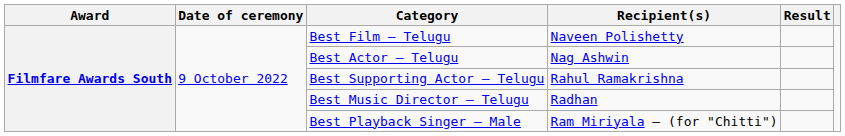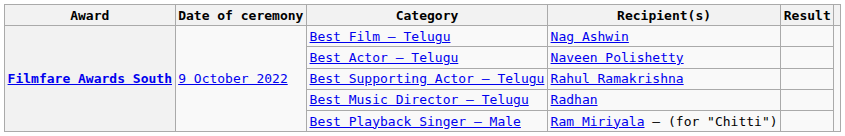 <table class="wikitable sortable plainrowheaders">
 <tr>
 <th scope="col">Award</th>
 <th scope="col">Date of ceremony</th>
 <th scope="col">Category</th>
 <th scope="col">Recipient(s)</th>
 <th scope="col">Result</th>
 <th scope="col" class="unsortable"></th>
 </tr>
 <tr>
 <th rowspan="5" scope="row"><a href='#'>Filmfare Awards South</a></th>
 <td rowspan="5"><a href='#'>9 October 2022</a></td>
 <td><a href='#'>Best Film – Telugu</a></td>
-<td><a href='#'>Naveen Polishetty</a></td>
+<td><a href='#'>Nag Ashwin</a></td>
 <td></td>
 <td rowspan="5"></td>
 </tr>
 <tr>
 <td><a href='#'>Best Actor – Telugu</a></td>
-<td><a href='#'>Nag Ashwin</a></td>
+<td><a href='#'>Naveen Polishetty</a></td>
 <td></td>
 </tr>
 <tr>
 <td><a href='#'>Best Supporting Actor – Telugu</a></td>
 <td><a href='#'>Rahul Ramakrishna</a></td>
 <td></td>
 </tr>
 <tr>
 <td><a href='#'>Best Music Director – Telugu</a></td>
 <td><a href='#'>Radhan</a></td>
 <td></td>
 </tr>
 <tr>
 <td><a href='#'>Best Playback Singer – Male</a></td>
 <td><a href='#'>Ram Miriyala</a> – (for "Chitti")</td>
 <td></td>
 </tr>
 <tr>
 </tr>
 </table>
